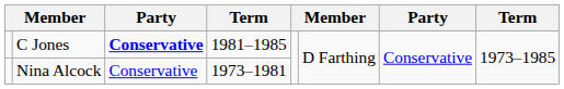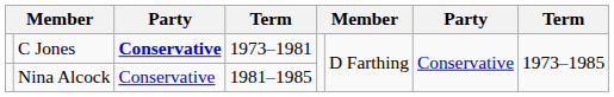 <table class="wikitable">
 <tr>
 <th colspan="2">Member</th>
 <th>Party</th>
 <th>Term</th>
 <th colspan="2">Member</th>
 <th>Party</th>
 <th>Term</th>
 </tr>
 <tr>
 <td style="background-color: "></td>
 <td>C Jones</td>
 <td><strong><a href='#'>Conservative</a></strong></td>
-<td>1981–1985</td>
+<td>1973–1981</td>
 <td rowspan="2" style="background-color: "></td>
 <td rowspan="2">D Farthing</td>
 <td rowspan="2"><a href='#'>Conservative</a></td>
 <td rowspan="2">1973–1985</td>
 </tr>
 <tr>
 <td style="background-color: "></td>
 <td>Nina Alcock</td>
 <td><a href='#'>Conservative</a></td>
-<td>1973–1981</td>
+<td>1981–1985</td>
 </tr>
 </table>
